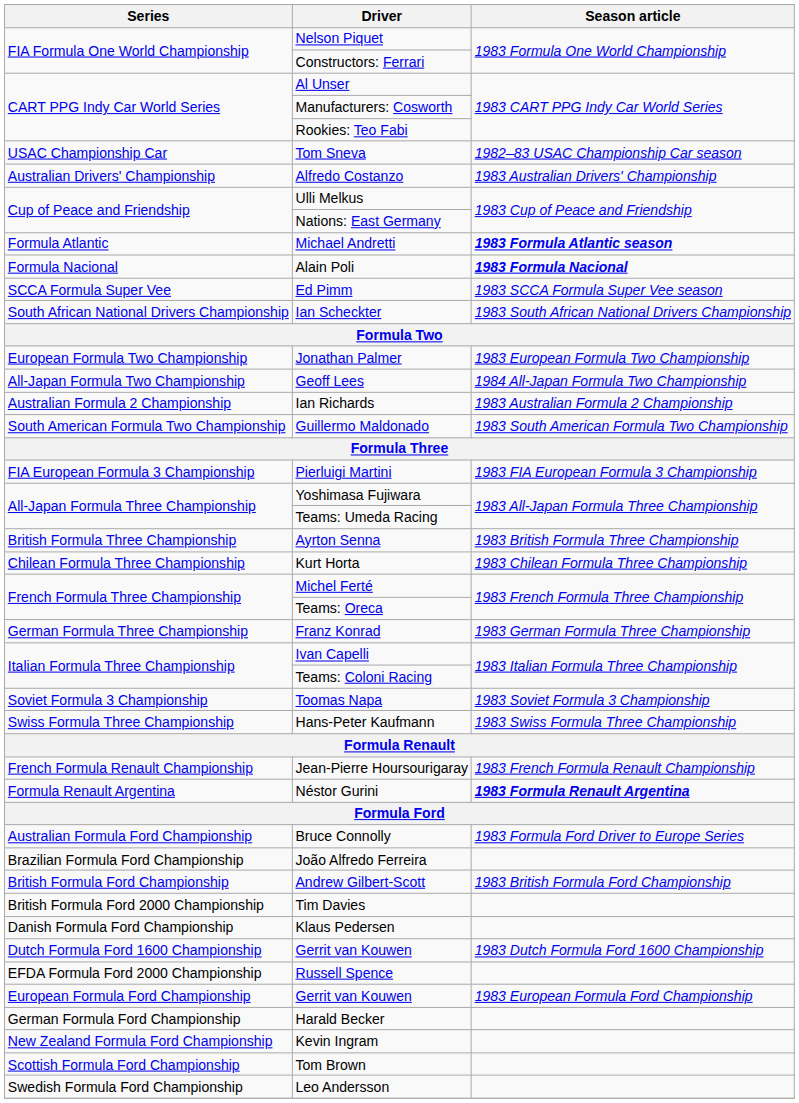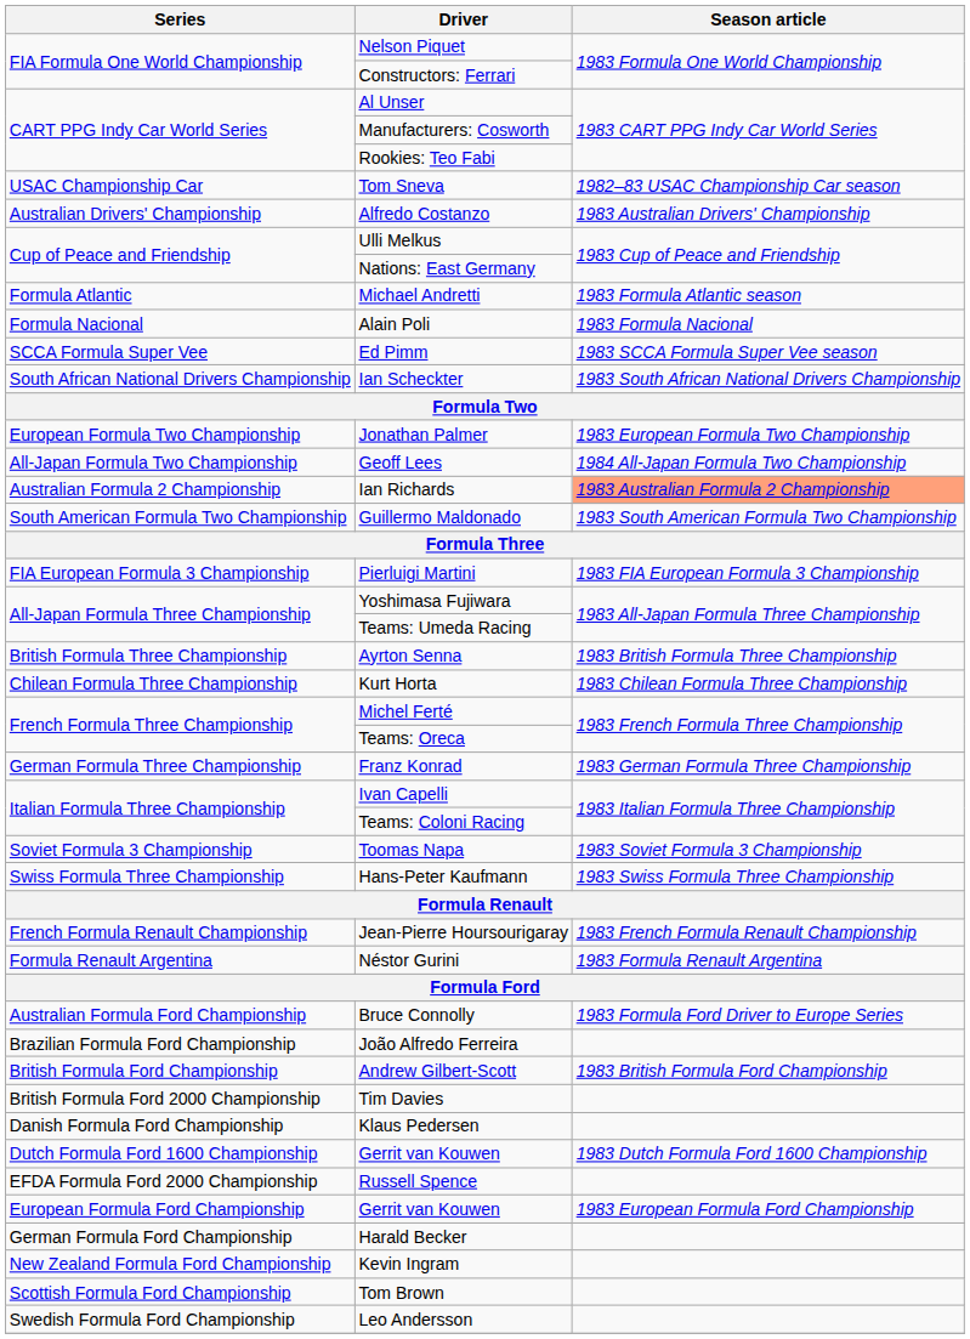 <table class="wikitable" style="font-size: 87%;">
 <tr>
 <th>Series</th>
 <th>Driver</th>
 <th>Season article</th>
 </tr>
 <tr>
 <td rowspan=2><a href='#'>FIA Formula One World Championship</a></td>
 <td> <a href='#'>Nelson Piquet</a></td>
 <td rowspan=2><em><a href='#'>1983 Formula One World Championship</a></em></td>
 </tr>
 <tr>
 <td>Constructors:  <a href='#'>Ferrari</a></td>
 </tr>
 <tr>
 <td rowspan=3><a href='#'>CART PPG Indy Car World Series</a></td>
 <td> <a href='#'>Al Unser</a></td>
 <td rowspan=3><em><a href='#'>1983 CART PPG Indy Car World Series</a></em></td>
 </tr>
 <tr>
 <td>Manufacturers:  <a href='#'>Cosworth</a></td>
 </tr>
 <tr>
 <td>Rookies:  <a href='#'>Teo Fabi</a></td>
 </tr>
 <tr>
 <td><a href='#'>USAC Championship Car</a></td>
 <td> <a href='#'>Tom Sneva</a></td>
 <td><em><a href='#'>1982–83 USAC Championship Car season</a></em></td>
 </tr>
 <tr>
 <td><a href='#'>Australian Drivers' Championship</a></td>
 <td> <a href='#'>Alfredo Costanzo</a></td>
 <td><em><a href='#'>1983 Australian Drivers' Championship</a></em></td>
 </tr>
 <tr>
 <td rowspan=2><a href='#'>Cup of Peace and Friendship</a></td>
 <td> Ulli Melkus</td>
 <td rowspan=2><em><a href='#'>1983 Cup of Peace and Friendship</a></em></td>
 </tr>
 <tr>
 <td>Nations:  <a href='#'>East Germany</a></td>
 </tr>
 <tr>
 <td><a href='#'>Formula Atlantic</a></td>
 <td> <a href='#'>Michael Andretti</a></td>
-<td><strong><em><a href='#'>1983 Formula Atlantic season</a></em></strong></td>
+<td><em><a href='#'>1983 Formula Atlantic season</a></em></td>
 </tr>
 <tr>
 <td><a href='#'>Formula Nacional</a></td>
 <td> Alain Poli</td>
-<td><strong><em><a href='#'>1983 Formula Nacional</a></em></strong></td>
+<td><em><a href='#'>1983 Formula Nacional</a></em></td>
 </tr>
 <tr>
 <td><a href='#'>SCCA Formula Super Vee</a></td>
 <td> <a href='#'>Ed Pimm</a></td>
 <td><em><a href='#'>1983 SCCA Formula Super Vee season</a></em></td>
 </tr>
 <tr>
 <td><a href='#'>South African National Drivers Championship</a></td>
 <td> <a href='#'>Ian Scheckter</a></td>
 <td><em><a href='#'>1983 South African National Drivers Championship</a></em></td>
 </tr>
 <tr>
 <th colspan=3><a href='#'>Formula Two</a></th>
 </tr>
 <tr>
 <td><a href='#'>European Formula Two Championship</a></td>
 <td> <a href='#'>Jonathan Palmer</a></td>
 <td><em><a href='#'>1983 European Formula Two Championship</a></em></td>
 </tr>
 <tr>
 <td><a href='#'>All-Japan Formula Two Championship</a></td>
 <td> <a href='#'>Geoff Lees</a></td>
 <td><em><a href='#'>1984 All-Japan Formula Two Championship</a></em></td>
 </tr>
 <tr>
 <td><a href='#'>Australian Formula 2 Championship</a></td>
 <td> Ian Richards</td>
-<td><em><a href='#'>1983 Australian Formula 2 Championship</a></em></td>
+<td style="background: lightsalmon;"><em><a href='#'>1983 Australian Formula 2 Championship</a></em></td>
 </tr>
 <tr>
 <td><a href='#'>South American Formula Two Championship</a></td>
 <td> <a href='#'>Guillermo Maldonado</a></td>
 <td><em><a href='#'>1983 South American Formula Two Championship</a></em></td>
 </tr>
 <tr>
 <th colspan=3><a href='#'>Formula Three</a></th>
 </tr>
 <tr>
 <td><a href='#'>FIA European Formula 3 Championship</a></td>
 <td> <a href='#'>Pierluigi Martini</a></td>
 <td><em><a href='#'>1983 FIA European Formula 3 Championship</a></em></td>
 </tr>
 <tr>
 <td rowspan="2"><a href='#'>All-Japan Formula Three Championship</a></td>
 <td> Yoshimasa Fujiwara</td>
 <td rowspan="2"><em><a href='#'>1983 All-Japan Formula Three Championship</a></em></td>
 </tr>
 <tr>
 <td>Teams:  Umeda Racing</td>
 </tr>
 <tr>
 <td><a href='#'>British Formula Three Championship</a></td>
 <td> <a href='#'>Ayrton Senna</a></td>
 <td><em><a href='#'>1983 British Formula Three Championship</a></em></td>
 </tr>
 <tr>
 <td><a href='#'>Chilean Formula Three Championship</a></td>
 <td> Kurt Horta</td>
 <td><em><a href='#'>1983 Chilean Formula Three Championship</a></em></td>
 </tr>
 <tr>
 <td rowspan=2><a href='#'>French Formula Three Championship</a></td>
 <td> <a href='#'>Michel Ferté</a></td>
 <td rowspan=2><em><a href='#'>1983 French Formula Three Championship</a></em></td>
 </tr>
 <tr>
 <td>Teams:  <a href='#'>Oreca</a></td>
 </tr>
 <tr>
 <td><a href='#'>German Formula Three Championship</a></td>
 <td> <a href='#'>Franz Konrad</a></td>
 <td><em><a href='#'>1983 German Formula Three Championship</a></em></td>
 </tr>
 <tr>
 <td rowspan=2><a href='#'>Italian Formula Three Championship</a></td>
 <td> <a href='#'>Ivan Capelli</a></td>
 <td rowspan=2><em><a href='#'>1983 Italian Formula Three Championship</a></em></td>
 </tr>
 <tr>
 <td>Teams:  <a href='#'>Coloni Racing</a></td>
 </tr>
 <tr>
 <td><a href='#'>Soviet Formula 3 Championship</a></td>
 <td> <a href='#'>Toomas Napa</a></td>
 <td><em><a href='#'>1983 Soviet Formula 3 Championship</a></em></td>
 </tr>
 <tr>
 <td><a href='#'>Swiss Formula Three Championship</a></td>
 <td> Hans-Peter Kaufmann</td>
 <td><em><a href='#'>1983 Swiss Formula Three Championship</a></em></td>
 </tr>
 <tr>
 <th colspan=3><a href='#'>Formula Renault</a></th>
 </tr>
 <tr>
 <td><a href='#'>French Formula Renault Championship</a></td>
 <td> Jean-Pierre Hoursourigaray</td>
 <td><em><a href='#'>1983 French Formula Renault Championship</a></em></td>
 </tr>
 <tr>
 <td><a href='#'>Formula Renault Argentina</a></td>
 <td> Néstor Gurini</td>
-<td><strong><em><a href='#'>1983 Formula Renault Argentina</a></em></strong></td>
+<td><em><a href='#'>1983 Formula Renault Argentina</a></em></td>
 </tr>
 <tr>
 <th colspan=3><a href='#'>Formula Ford</a></th>
 </tr>
 <tr>
 <td><a href='#'>Australian Formula Ford Championship</a></td>
 <td> Bruce Connolly</td>
 <td><em><a href='#'>1983 Formula Ford Driver to Europe Series</a></em></td>
 </tr>
 <tr>
 <td>Brazilian Formula Ford Championship</td>
 <td> João Alfredo Ferreira</td>
 <td></td>
 </tr>
 <tr>
 <td><a href='#'>British Formula Ford Championship</a></td>
 <td> <a href='#'>Andrew Gilbert-Scott</a></td>
 <td><em><a href='#'>1983 British Formula Ford Championship</a></em></td>
 </tr>
 <tr>
 <td>British Formula Ford 2000 Championship</td>
 <td> Tim Davies</td>
 <td></td>
 </tr>
 <tr>
 <td>Danish Formula Ford Championship</td>
 <td> Klaus Pedersen</td>
 <td></td>
 </tr>
 <tr>
 <td><a href='#'>Dutch Formula Ford 1600 Championship</a></td>
 <td> <a href='#'>Gerrit van Kouwen</a></td>
 <td><em><a href='#'>1983 Dutch Formula Ford 1600 Championship</a></em></td>
 </tr>
 <tr>
 <td>EFDA Formula Ford 2000 Championship</td>
 <td> <a href='#'>Russell Spence</a></td>
 <td></td>
 </tr>
 <tr>
 <td><a href='#'>European Formula Ford Championship</a></td>
 <td> <a href='#'>Gerrit van Kouwen</a></td>
 <td><em><a href='#'>1983 European Formula Ford Championship</a></em></td>
 </tr>
 <tr>
 <td>German Formula Ford Championship</td>
 <td> Harald Becker</td>
 <td></td>
 </tr>
 <tr>
 <td><a href='#'>New Zealand Formula Ford Championship</a></td>
 <td> Kevin Ingram</td>
 <td></td>
 </tr>
 <tr>
 <td><a href='#'>Scottish Formula Ford Championship</a></td>
 <td> Tom Brown</td>
 <td></td>
 </tr>
 <tr>
 <td>Swedish Formula Ford Championship</td>
 <td> Leo Andersson</td>
 <td></td>
 </tr>
 <tr>
 </tr>
 </table>
